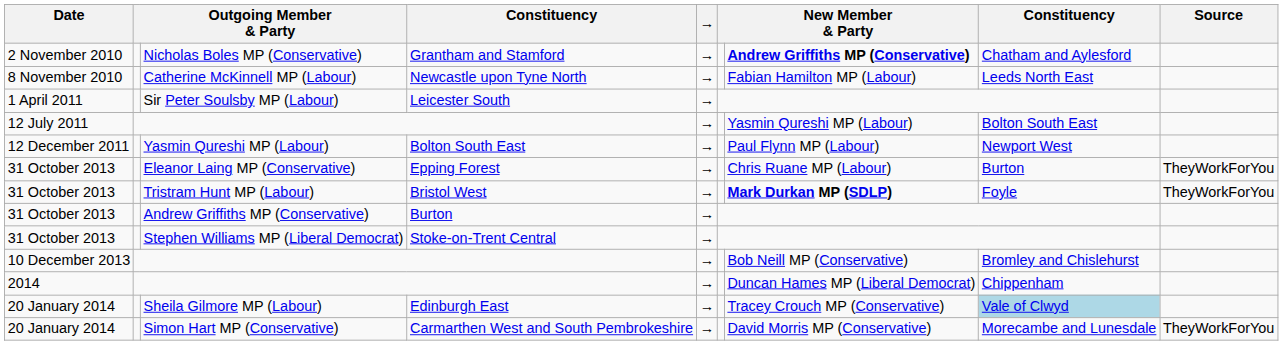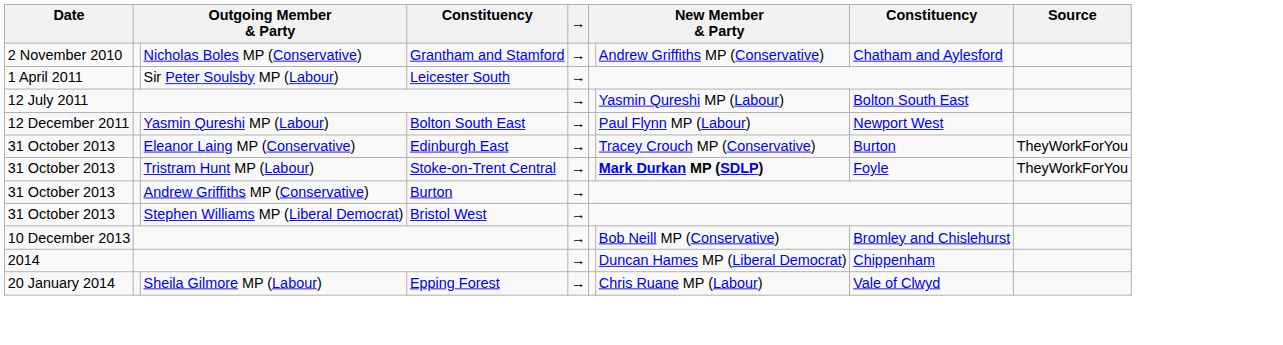 <table class="wikitable">
 <tr>
 <th valign="top">Date</th>
 <th colspan="2" valign="top">Outgoing Member<br>& Party</th>
 <th valign="top">Constituency</th>
 <th>→</th>
 <th colspan="2" valign="top">New Member<br>& Party</th>
 <th valign="top">Constituency</th>
 <th valign="top">Source</th>
 </tr>
 <tr>
 <td nowrap>2 November 2010</td>
 <td style="color:inherit;background:"></td>
 <td><a href='#'>Nicholas Boles</a> MP (<a href='#'>Conservative</a>)</td>
 <td><a href='#'>Grantham and Stamford</a></td>
 <td>→</td>
 <td style="color:inherit;background:"></td>
-<td><strong><a href='#'>Andrew Griffiths</a> MP (<a href='#'>Conservative</a>)</strong></td>
+<td><a href='#'>Andrew Griffiths</a> MP (<a href='#'>Conservative</a>)</td>
 <td><a href='#'>Chatham and Aylesford</a></td>
-<td></td>
-</tr>
-<tr>
-<td>8 November 2010</td>
-<td style="color:inherit;background:"></td>
-<td><a href='#'>Catherine McKinnell</a> MP (<a href='#'>Labour</a>)</td>
-<td><a href='#'>Newcastle upon Tyne North</a></td>
-<td>→</td>
-<td style="color:inherit;background:"></td>
-<td><a href='#'>Fabian Hamilton</a> MP (<a href='#'>Labour</a>)</td>
-<td><a href='#'>Leeds North East</a></td>
 <td></td>
 </tr>
 <tr>
 <td>1 April 2011</td>
 <td style="color:inherit;background:"></td>
 <td nowrap>Sir <a href='#'>Peter Soulsby</a> MP (<a href='#'>Labour</a>)</td>
 <td><a href='#'>Leicester South</a></td>
 <td>→</td>
 <td colspan="3"></td>
 <td nowrap></td>
 </tr>
 <tr>
 <td>12 July 2011</td>
 <td colspan="3"></td>
 <td>→</td>
 <td style="color:inherit;background:"></td>
 <td><a href='#'>Yasmin Qureshi</a> MP (<a href='#'>Labour</a>)</td>
 <td><a href='#'>Bolton South East</a></td>
 <td></td>
 </tr>
 <tr>
 <td nowrap>12 December 2011</td>
 <td style="color:inherit;background:"></td>
 <td><a href='#'>Yasmin Qureshi</a> MP (<a href='#'>Labour</a>)</td>
 <td><a href='#'>Bolton South East</a></td>
 <td>→</td>
 <td style="color:inherit;background:"></td>
 <td><a href='#'>Paul Flynn</a> MP (<a href='#'>Labour</a>)</td>
 <td><a href='#'>Newport West</a></td>
 <td></td>
 </tr>
 <tr>
 <td nowrap>31 October 2013</td>
 <td style="color:inherit;background:"></td>
 <td><a href='#'>Eleanor Laing</a> MP (<a href='#'>Conservative</a>)</td>
-<td><a href='#'>Epping Forest</a></td>
+<td><a href='#'>Edinburgh East</a></td>
 <td>→</td>
 <td style="color:inherit;background:"></td>
-<td><a href='#'>Chris Ruane</a> MP (<a href='#'>Labour</a>)</td>
+<td><a href='#'>Tracey Crouch</a> MP (<a href='#'>Conservative</a>)</td>
 <td><a href='#'>Burton</a></td>
 <td>TheyWorkForYou  </td>
 </tr>
 <tr>
 <td nowrap>31 October 2013</td>
 <td style="color:inherit;background:"></td>
 <td><a href='#'>Tristram Hunt</a> MP (<a href='#'>Labour</a>)</td>
-<td><a href='#'>Bristol West</a></td>
+<td><a href='#'>Stoke-on-Trent Central</a></td>
 <td>→</td>
 <td style="color:inherit;background:"></td>
 <td><strong><a href='#'>Mark Durkan</a> MP (<a href='#'>SDLP</a>)</strong></td>
 <td><a href='#'>Foyle</a></td>
 <td>TheyWorkForYou  </td>
 </tr>
 <tr>
 <td nowrap>31 October 2013</td>
 <td style="color:inherit;background:"></td>
 <td><a href='#'>Andrew Griffiths</a> MP (<a href='#'>Conservative</a>)</td>
 <td><a href='#'>Burton</a></td>
 <td>→</td>
 <td colspan="3"></td>
 <td></td>
 </tr>
 <tr>
 <td nowrap>31 October 2013</td>
 <td style="color:inherit;background:"></td>
 <td><a href='#'>Stephen Williams</a> MP (<a href='#'>Liberal Democrat</a>)</td>
-<td><a href='#'>Stoke-on-Trent Central</a></td>
+<td><a href='#'>Bristol West</a></td>
 <td>→</td>
 <td colspan="3"></td>
 <td></td>
 </tr>
 <tr>
 <td nowrap>10 December 2013</td>
 <td colspan="3"></td>
 <td>→</td>
 <td style="color:inherit;background:"></td>
 <td><a href='#'>Bob Neill</a> MP (<a href='#'>Conservative</a>)</td>
 <td><a href='#'>Bromley and Chislehurst</a></td>
 <td></td>
 </tr>
 <tr>
 <td nowrap>2014</td>
 <td colspan="3"></td>
 <td>→</td>
 <td style="color:inherit;background:"></td>
 <td><a href='#'>Duncan Hames</a> MP (<a href='#'>Liberal Democrat</a>)</td>
 <td><a href='#'>Chippenham</a></td>
 <td></td>
 </tr>
 <tr>
 <td nowrap>20 January 2014</td>
 <td style="color:inherit;background:"></td>
 <td><a href='#'>Sheila Gilmore</a> MP (<a href='#'>Labour</a>)</td>
-<td><a href='#'>Edinburgh East</a></td>
+<td><a href='#'>Epping Forest</a></td>
 <td>→</td>
 <td style="color:inherit;background:"></td>
-<td><a href='#'>Tracey Crouch</a> MP (<a href='#'>Conservative</a>)</td>
-<td style="background: lightblue;"><a href='#'>Vale of Clwyd</a></td>
+<td><a href='#'>Chris Ruane</a> MP (<a href='#'>Labour</a>)</td>
+<td><a href='#'>Vale of Clwyd</a></td>
 <td> </td>
 </tr>
-<tr>
-<td nowrap>20 January 2014</td>
-<td style="color:inherit;background:"></td>
-<td><a href='#'>Simon Hart</a> MP (<a href='#'>Conservative</a>)</td>
-<td><a href='#'>Carmarthen West and South Pembrokeshire</a></td>
-<td>→</td>
-<td style="color:inherit;background:"></td>
-<td><a href='#'>David Morris</a> MP (<a href='#'>Conservative</a>)</td>
-<td><a href='#'>Morecambe and Lunesdale</a></td>
-<td>TheyWorkForYou  </td>
-</tr>
 </table>
